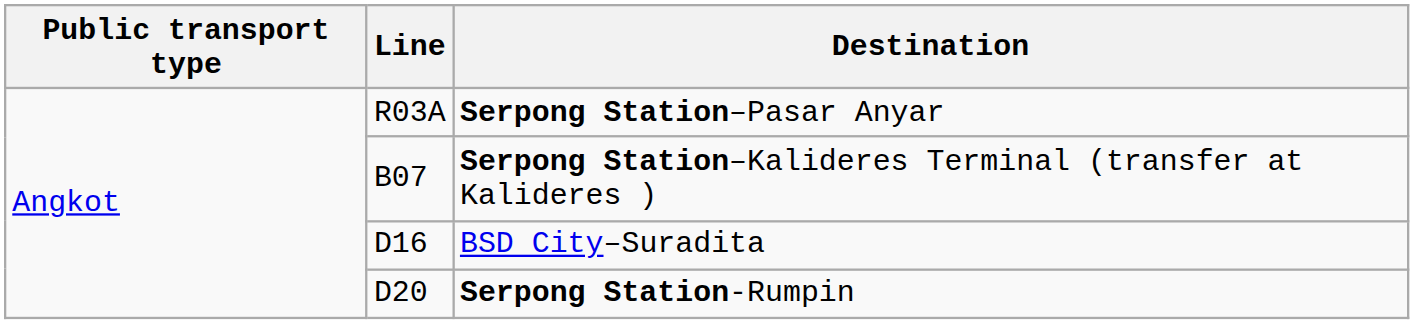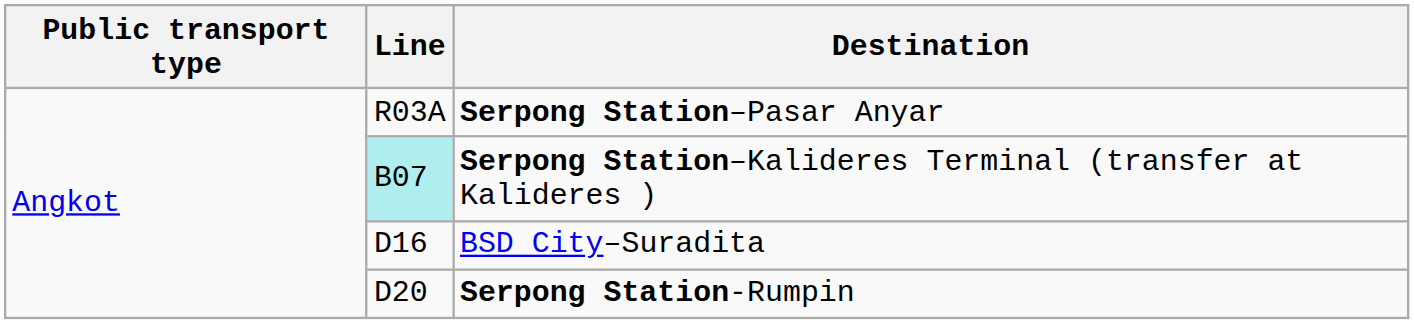 <table class="wikitable sortable">
 <tr>
 <th>Public transport type</th>
 <th>Line</th>
 <th>Destination</th>
 </tr>
 <tr>
 <td rowspan=6><a href='#'>Angkot</a></td>
 <td>R03A</td>
 <td><strong>Serpong Station</strong>–Pasar Anyar</td>
 </tr>
 <tr>
-<td>B07</td>
+<td style="background: paleturquoise;">B07</td>
 <td><strong>Serpong Station</strong>–Kalideres Terminal (transfer at Kalideres  )</td>
 </tr>
 <tr>
 <td>D16</td>
 <td><a href='#'>BSD City</a>–Suradita</td>
 </tr>
 <tr>
 <td>D20</td>
 <td><strong>Serpong Station</strong>-Rumpin</td>
 </tr>
 </table>
